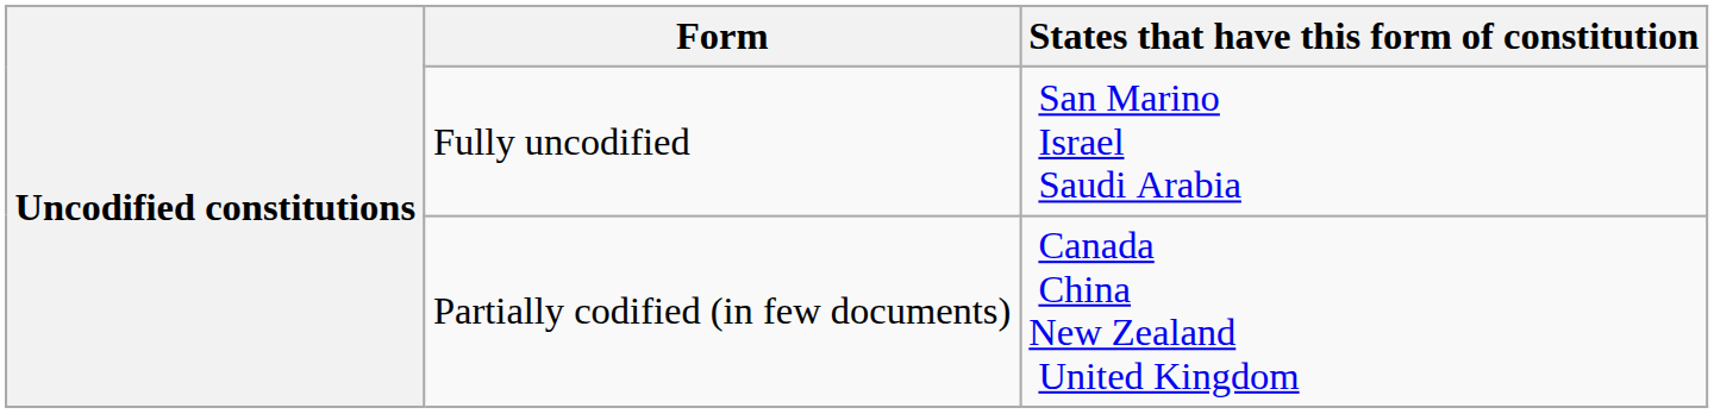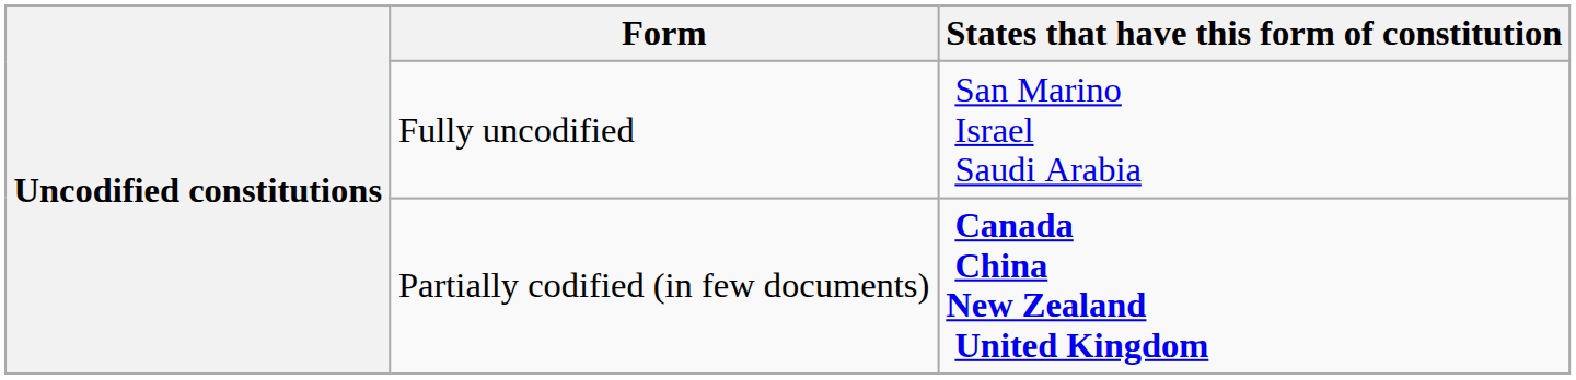 <table class="wikitable">
 <tr>
 <th rowspan=3>Uncodified constitutions</th>
 <th>Form</th>
 <th>States that have this form of constitution</th>
 </tr>
 <tr>
 <td>Fully uncodified</td>
 <td> <a href='#'>San Marino</a><br> <a href='#'>Israel</a><br> <a href='#'>Saudi Arabia</a></td>
 </tr>
 <tr>
 <td>Partially codified (in few documents)</td>
-<td> <a href='#'>Canada</a><br> <a href='#'>China</a><br> <a href='#'>New Zealand</a><br> <a href='#'>United Kingdom</a></td>
+<td><strong> <a href='#'>Canada</a><br> <a href='#'>China</a><br> <a href='#'>New Zealand</a><br> <a href='#'>United Kingdom</a></strong></td>
 </tr>
 </table>
